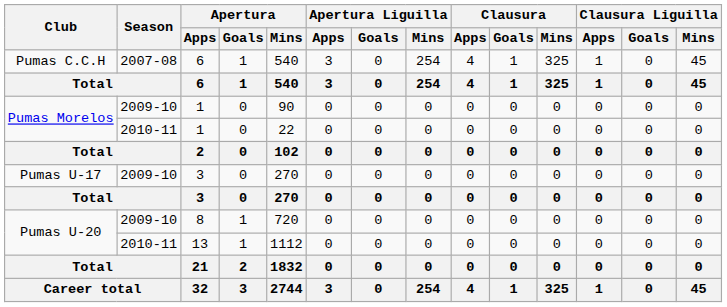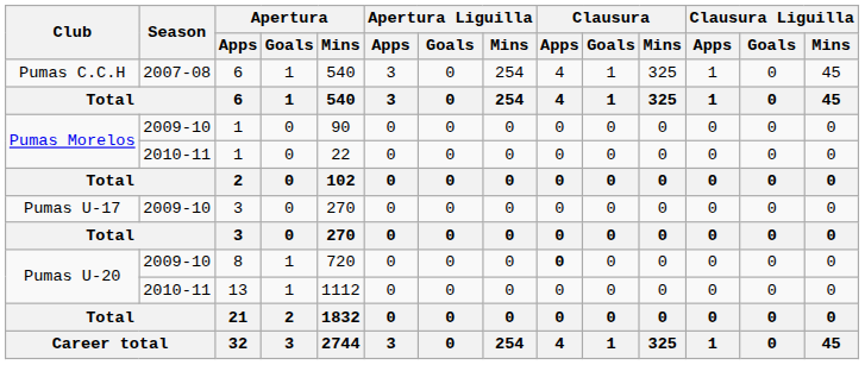 <table class="wikitable" style="font-size:90%; text-align:center;">
 <tr>
 <th rowspan="2">Club</th>
 <th rowspan="2">Season</th>
 <th colspan="3">Apertura</th>
 <th colspan="3">Apertura Liguilla</th>
 <th colspan="3">Clausura</th>
 <th colspan="3">Clausura Liguilla</th>
 </tr>
 <tr>
 <th>Apps</th>
 <th>Goals</th>
 <th>Mins</th>
 <th>Apps</th>
 <th>Goals</th>
 <th>Mins</th>
 <th>Apps</th>
 <th>Goals</th>
 <th>Mins</th>
 <th>Apps</th>
 <th>Goals</th>
 <th>Mins</th>
 </tr>
 <tr>
 <td align="center">Pumas C.C.H</td>
 <td>2007-08</td>
 <td>6</td>
 <td>1</td>
 <td>540</td>
 <td>3</td>
 <td>0</td>
 <td>254</td>
 <td>4</td>
 <td>1</td>
 <td>325</td>
 <td>1</td>
 <td>0</td>
 <td>45</td>
 </tr>
 <tr>
 <th colspan="2">Total</th>
 <th>6</th>
 <th>1</th>
 <th>540</th>
 <th>3</th>
 <th>0</th>
 <th>254</th>
 <th>4</th>
 <th>1</th>
 <th>325</th>
 <th>1</th>
 <th>0</th>
 <th>45</th>
 </tr>
 <tr>
 <td rowspan="2" align="center"><a href='#'>Pumas Morelos</a></td>
 <td>2009-10</td>
 <td>1</td>
 <td>0</td>
 <td>90</td>
 <td>0</td>
 <td>0</td>
 <td>0</td>
 <td>0</td>
 <td>0</td>
 <td>0</td>
 <td>0</td>
 <td>0</td>
 <td>0</td>
 </tr>
 <tr>
 <td>2010-11</td>
 <td>1</td>
 <td>0</td>
 <td>22</td>
 <td>0</td>
 <td>0</td>
 <td>0</td>
 <td>0</td>
 <td>0</td>
 <td>0</td>
 <td>0</td>
 <td>0</td>
 <td>0</td>
 </tr>
 <tr>
 <th colspan="2">Total</th>
 <th>2</th>
 <th>0</th>
 <th>102</th>
 <th>0</th>
 <th>0</th>
 <th>0</th>
 <th>0</th>
 <th>0</th>
 <th>0</th>
 <th>0</th>
 <th>0</th>
 <th>0</th>
 </tr>
 <tr>
 <td align="center">Pumas U-17</td>
 <td>2009-10</td>
 <td>3</td>
 <td>0</td>
 <td>270</td>
 <td>0</td>
 <td>0</td>
 <td>0</td>
 <td>0</td>
 <td>0</td>
 <td>0</td>
 <td>0</td>
 <td>0</td>
 <td>0</td>
 </tr>
 <tr>
 <th colspan="2">Total</th>
 <th>3</th>
 <th>0</th>
 <th>270</th>
 <th>0</th>
 <th>0</th>
 <th>0</th>
 <th>0</th>
 <th>0</th>
 <th>0</th>
 <th>0</th>
 <th>0</th>
 <th>0</th>
 </tr>
 <tr>
 <td rowspan="2" align="center">Pumas U-20</td>
 <td>2009-10</td>
 <td>8</td>
 <td>1</td>
 <td>720</td>
 <td>0</td>
 <td>0</td>
 <td>0</td>
-<td>0</td>
+<td><strong>0</strong></td>
 <td>0</td>
 <td>0</td>
 <td>0</td>
 <td>0</td>
 <td>0</td>
 </tr>
 <tr>
 <td>2010-11</td>
 <td>13</td>
 <td>1</td>
 <td>1112</td>
 <td>0</td>
 <td>0</td>
 <td>0</td>
 <td>0</td>
 <td>0</td>
 <td>0</td>
 <td>0</td>
 <td>0</td>
 <td>0</td>
 </tr>
 <tr>
 <th colspan="2">Total</th>
 <th>21</th>
 <th>2</th>
 <th>1832</th>
 <th>0</th>
 <th>0</th>
 <th>0</th>
 <th>0</th>
 <th>0</th>
 <th>0</th>
 <th>0</th>
 <th>0</th>
 <th>0</th>
 </tr>
 <tr>
 <th colspan="2">Career total</th>
 <th>32</th>
 <th>3</th>
 <th>2744</th>
 <th>3</th>
 <th>0</th>
 <th>254</th>
 <th>4</th>
 <th>1</th>
 <th>325</th>
 <th>1</th>
 <th>0</th>
 <th>45</th>
 </tr>
 </table>
